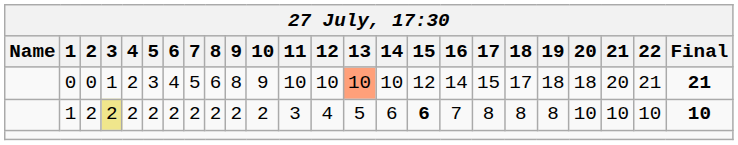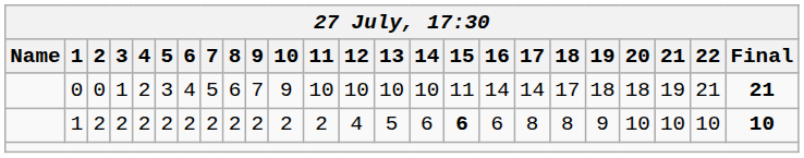 <table class=wikitable style="text-align:center; width: 55%">
 <tr>
 <th colspan=24><em>27 July, 17:30</em></th>
 </tr>
 <tr>
 <th>Name</th>
 <th>1</th>
 <th>2</th>
 <th>3</th>
 <th>4</th>
 <th>5</th>
 <th>6</th>
 <th>7</th>
 <th>8</th>
 <th>9</th>
 <th>10</th>
 <th>11</th>
 <th>12</th>
 <th>13</th>
 <th>14</th>
 <th>15</th>
 <th>16</th>
 <th>17</th>
 <th>18</th>
 <th>19</th>
 <th>20</th>
 <th>21</th>
 <th>22</th>
 <th>Final</th>
 </tr>
 <tr>
 <td align=left></td>
 <td>0</td>
 <td>0</td>
 <td>1</td>
 <td>2</td>
 <td>3</td>
 <td>4</td>
 <td>5</td>
 <td>6</td>
-<td>8</td>
+<td>7</td>
 <td>9</td>
 <td>10</td>
 <td>10</td>
-<td style="background: lightsalmon;">10</td>
 <td>10</td>
-<td>12</td>
+<td>10</td>
+<td>11</td>
 <td>14</td>
-<td>15</td>
+<td>14</td>
 <td>17</td>
 <td>18</td>
 <td>18</td>
-<td>20</td>
+<td>19</td>
 <td>21</td>
 <td><strong>21</strong></td>
 </tr>
 <tr>
 <td align=left></td>
 <td>1</td>
 <td>2</td>
-<td style="background: khaki;">2</td>
 <td>2</td>
 <td>2</td>
 <td>2</td>
 <td>2</td>
 <td>2</td>
 <td>2</td>
 <td>2</td>
-<td>3</td>
+<td>2</td>
+<td>2</td>
 <td>4</td>
 <td>5</td>
 <td>6</td>
 <td><strong>6</strong></td>
-<td>7</td>
+<td>6</td>
 <td>8</td>
 <td>8</td>
-<td>8</td>
+<td>9</td>
 <td>10</td>
 <td>10</td>
 <td>10</td>
 <td><strong>10</strong></td>
 </tr>
 <tr>
 <td colspan=24></td>
 </tr>
 </table>
